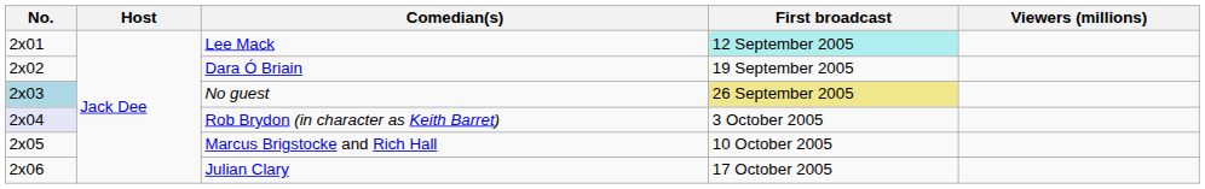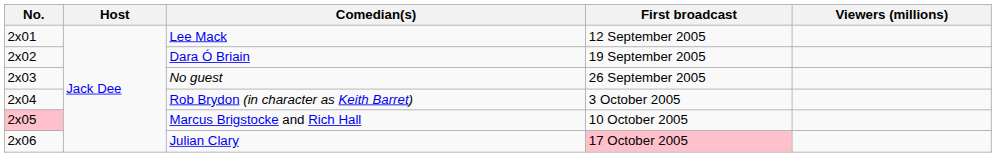 <table class="wikitable" style="width:60%;">
 <tr>
 <th>No.</th>
 <th>Host</th>
 <th>Comedian(s)</th>
 <th>First broadcast</th>
 <th>Viewers (millions)</th>
 </tr>
 <tr>
 <td>2x01</td>
 <td rowspan="6"><a href='#'>Jack Dee</a></td>
 <td><a href='#'>Lee Mack</a></td>
-<td style="background: paleturquoise;">12 September 2005</td>
+<td>12 September 2005</td>
 <td></td>
 </tr>
 <tr>
 <td>2x02</td>
 <td><a href='#'>Dara Ó Briain</a></td>
 <td>19 September 2005</td>
 <td></td>
 </tr>
 <tr>
-<td style="background: lightblue;">2x03</td>
+<td>2x03</td>
 <td><em>No guest</em></td>
-<td style="background: khaki;">26 September 2005</td>
+<td>26 September 2005</td>
 <td></td>
 </tr>
 <tr>
-<td style="background: lavender;">2x04</td>
+<td>2x04</td>
 <td><a href='#'>Rob Brydon</a> <em>(in character as <a href='#'>Keith Barret</a>)</em></td>
 <td>3 October 2005</td>
 <td></td>
 </tr>
 <tr>
-<td>2x05</td>
+<td style="background: pink;">2x05</td>
 <td><a href='#'>Marcus Brigstocke</a> and <a href='#'>Rich Hall</a></td>
 <td>10 October 2005</td>
 <td></td>
 </tr>
 <tr>
 <td>2x06</td>
 <td><a href='#'>Julian Clary</a></td>
-<td>17 October 2005</td>
+<td style="background: pink;">17 October 2005</td>
 <td></td>
 </tr>
 </table>
